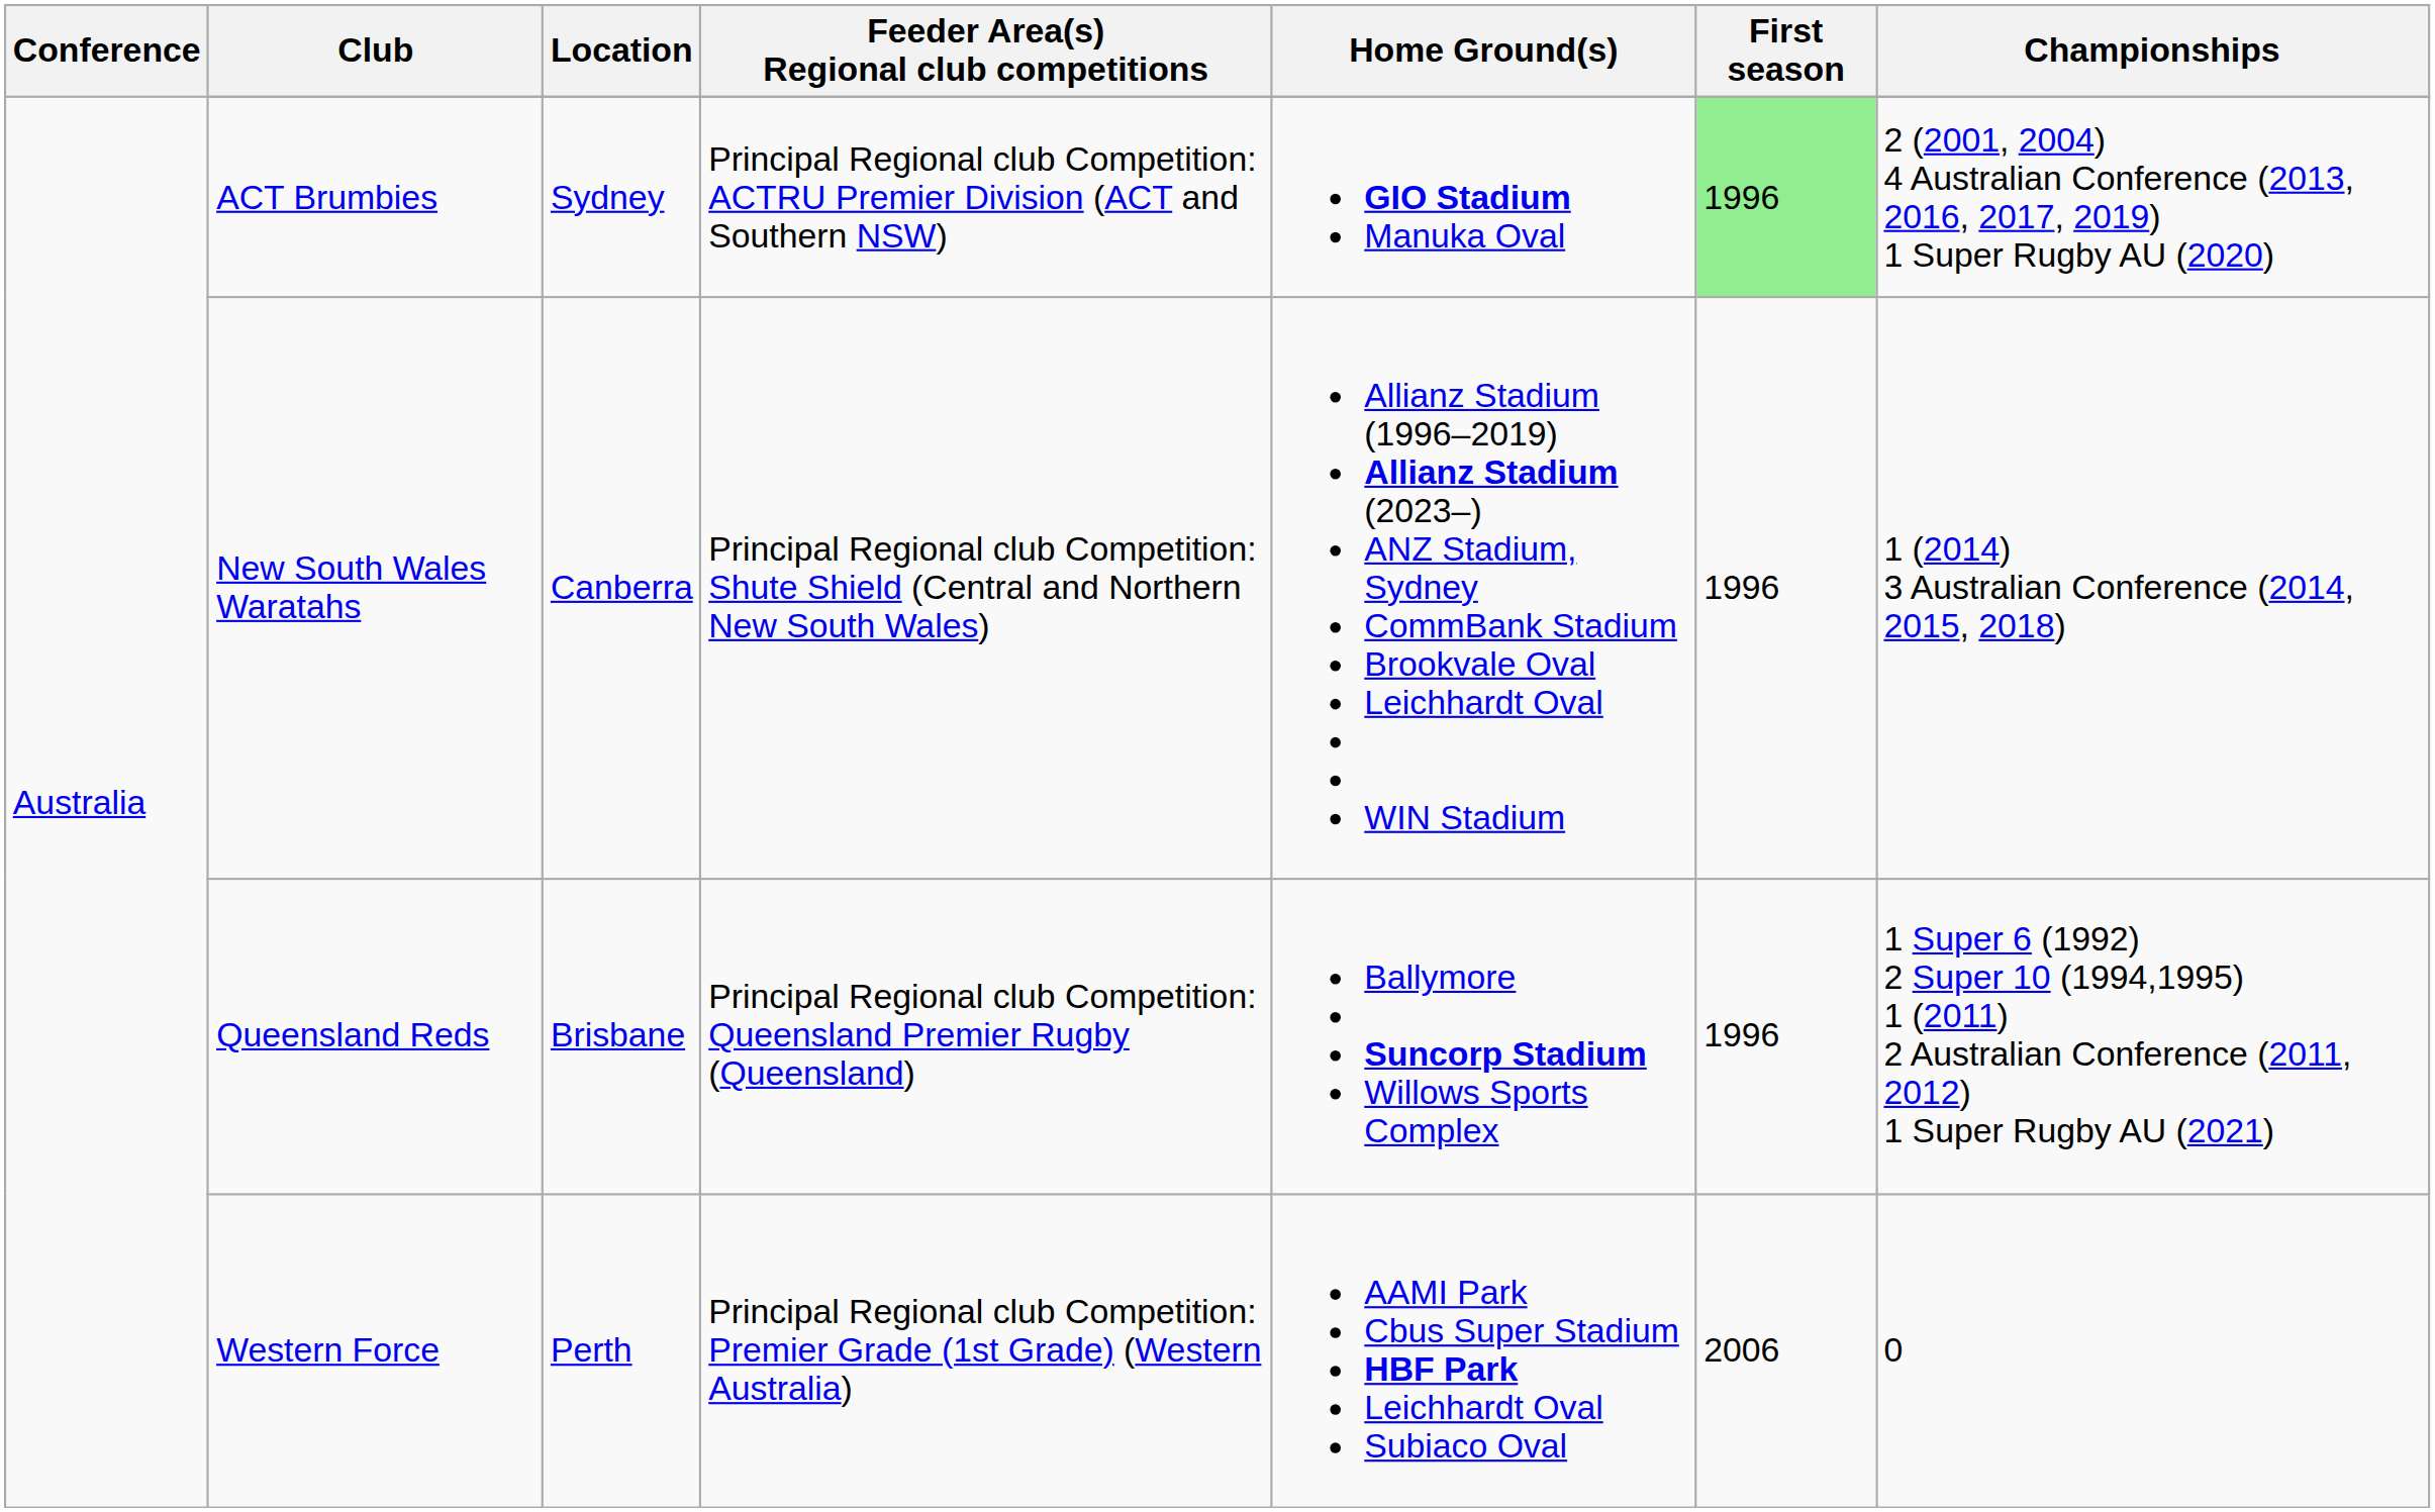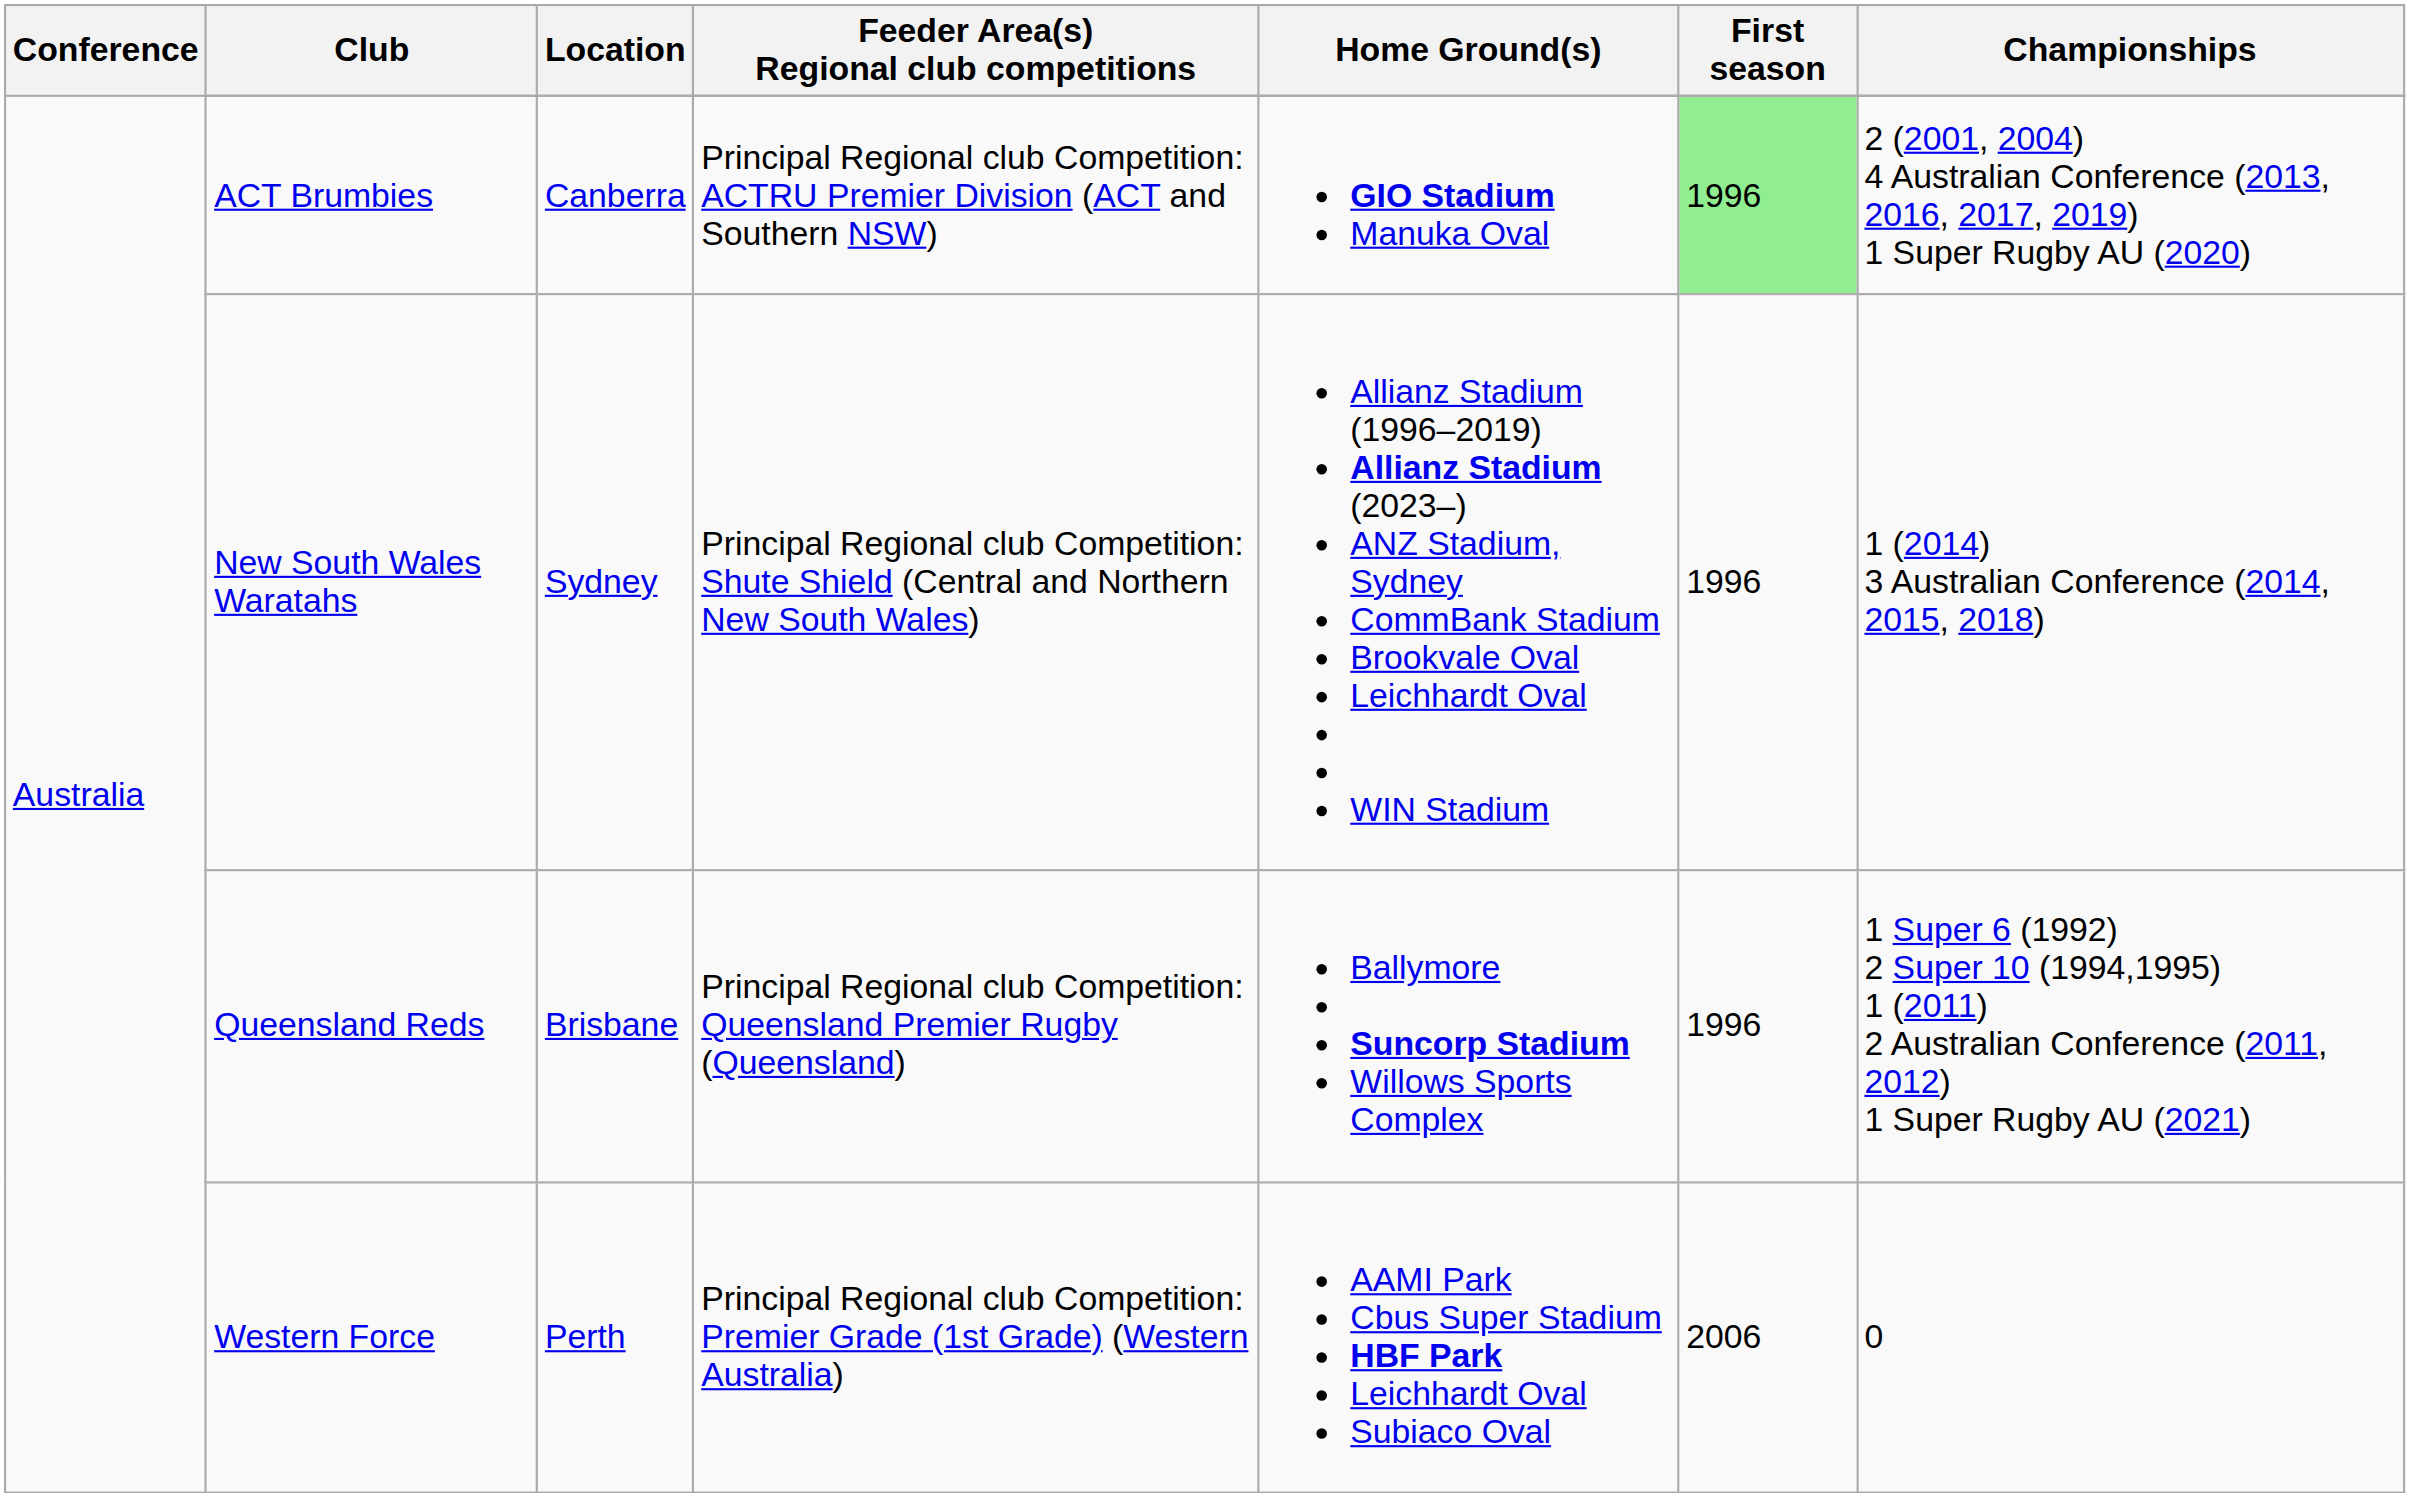 <table class="wikitable sortable" style="width:90%;">
 <tr>
 <th>Conference</th>
 <th>Club</th>
 <th>Location</th>
 <th>Feeder Area(s)<br>Regional club competitions</th>
 <th>Home Ground(s)</th>
 <th>First season</th>
 <th>Championships</th>
 </tr>
 <tr>
 <td rowspan="6"><a href='#'>Australia</a></td>
 </tr>
 <tr>
 <td><a href='#'>ACT Brumbies</a></td>
-<td><a href='#'>Sydney</a></td>
+<td><a href='#'>Canberra</a></td>
 <td>Principal Regional club Competition:<br><a href='#'>ACTRU Premier Division</a> (<a href='#'>ACT</a> and Southern <a href='#'>NSW</a>)<br></td>
 <td><br><ul><li><strong><a href='#'>GIO Stadium</a></strong></li><li><a href='#'>Manuka Oval</a></li></ul></td>
 <td style="background: lightgreen;">1996</td>
 <td>2 (<a href='#'>2001</a>, <a href='#'>2004</a>)<br>4 Australian Conference (<a href='#'>2013</a>, <a href='#'>2016</a>, <a href='#'>2017</a>, <a href='#'>2019</a>)<br> 1 Super Rugby AU (<a href='#'>2020</a>)</td>
 </tr>
 <tr>
 <td><a href='#'>New South Wales Waratahs</a></td>
-<td><a href='#'>Canberra</a></td>
+<td><a href='#'>Sydney</a></td>
 <td>Principal Regional club Competition:<br><a href='#'>Shute Shield</a> (Central and Northern <a href='#'>New South Wales</a>)<br></td>
 <td><br><ul><li><a href='#'>Allianz Stadium</a> (1996–2019)</li><li><strong><a href='#'>Allianz Stadium</a></strong> (2023–)</li><li><a href='#'>ANZ Stadium, Sydney</a></li><li><a href='#'>CommBank Stadium</a></li><li><a href='#'>Brookvale Oval</a></li><li><a href='#'>Leichhardt Oval</a></li><li></li><li></li><li><a href='#'>WIN Stadium</a></li></ul></td>
 <td>1996</td>
 <td>1 (<a href='#'>2014</a>)<br>3 Australian Conference (<a href='#'>2014</a>, <a href='#'>2015</a>, <a href='#'>2018</a>)</td>
 </tr>
 <tr>
 <td><a href='#'>Queensland Reds</a></td>
 <td><a href='#'>Brisbane</a></td>
 <td>Principal Regional club Competition:<br><a href='#'>Queensland Premier Rugby</a> (<a href='#'>Queensland</a>)<br></td>
 <td><br><ul><li><a href='#'>Ballymore</a></li><li></li><li><strong><a href='#'>Suncorp Stadium</a></strong></li><li><a href='#'>Willows Sports Complex</a></li></ul></td>
 <td>1996</td>
 <td>1 <a href='#'>Super 6</a> (1992)<br> 2 <a href='#'>Super 10</a> (1994,1995)<br>1 (<a href='#'>2011</a>)<br>2 Australian Conference (<a href='#'>2011</a>, <a href='#'>2012</a>)<br> 1 Super Rugby AU (<a href='#'>2021</a>)</td>
 </tr>
 <tr>
 <td><a href='#'>Western Force</a></td>
 <td><a href='#'>Perth</a></td>
 <td>Principal Regional club Competition:<br><a href='#'>Premier Grade (1st Grade)</a> (<a href='#'>Western Australia</a>)<br></td>
 <td><br><ul><li><a href='#'>AAMI Park</a></li><li><a href='#'>Cbus Super Stadium</a></li><li><strong><a href='#'>HBF Park</a></strong></li><li><a href='#'>Leichhardt Oval</a></li><li><a href='#'>Subiaco Oval</a></li></ul></td>
 <td>2006</td>
 <td>0</td>
 </tr>
 </table>
